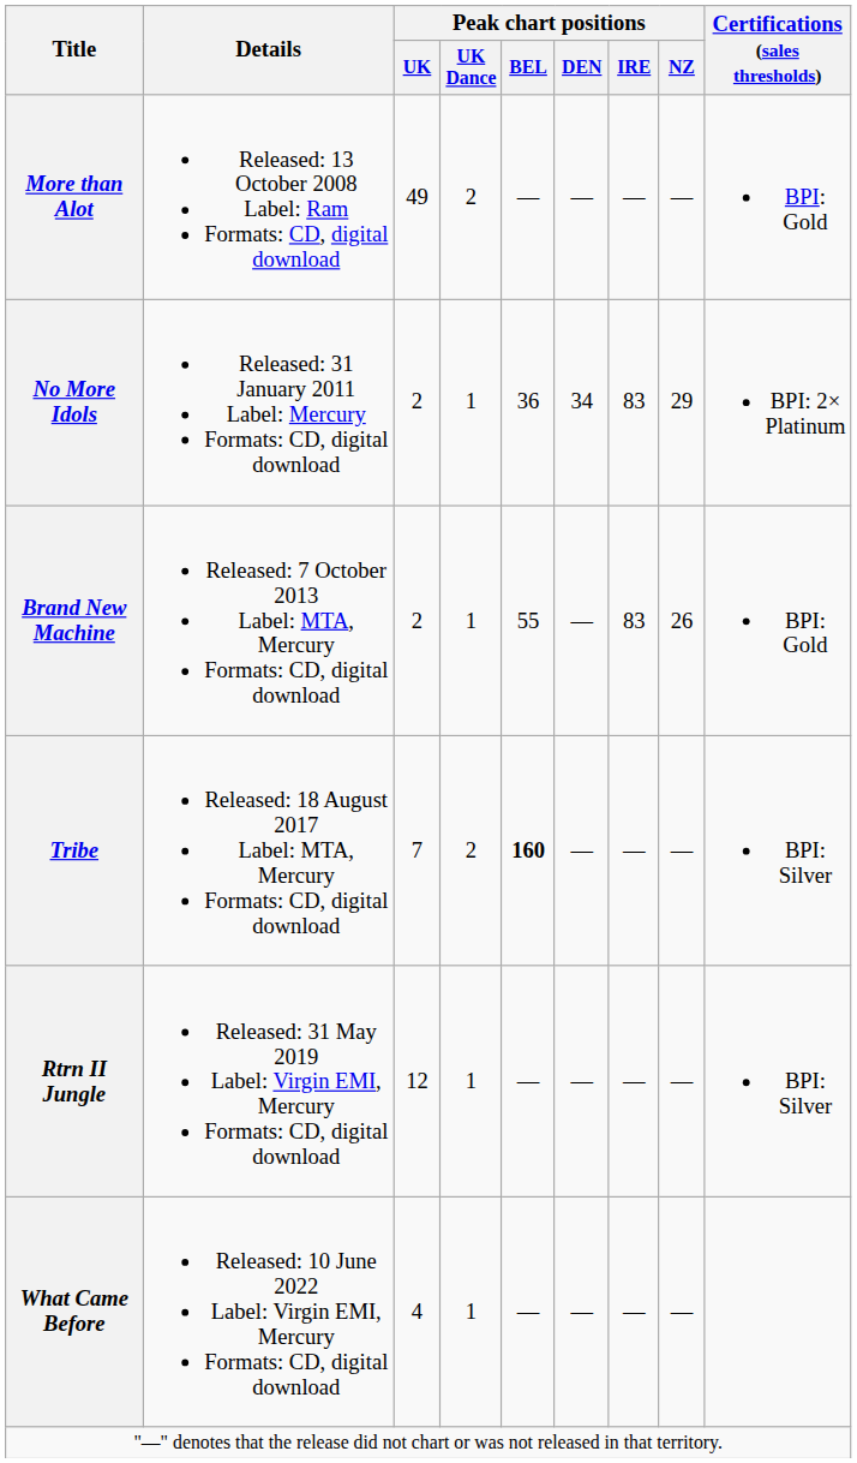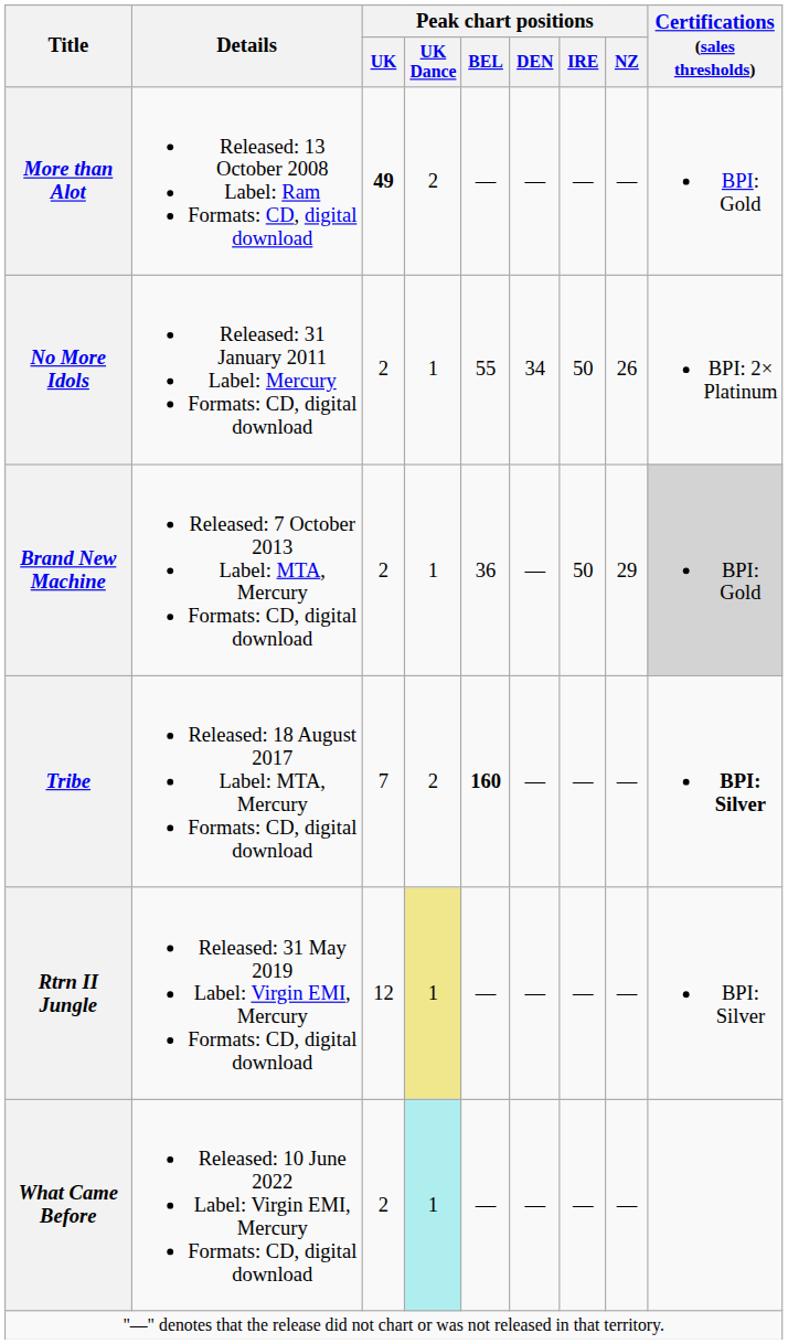 <table class="wikitable plainrowheaders" style="text-align:center;">
 <tr>
 <th scope="col" rowspan="2" style="width:10em;">Title</th>
 <th scope="col" rowspan="2" style="width:20em;">Details</th>
 <th scope="col" colspan="6">Peak chart positions</th>
 <th scope="col" rowspan="2"><a href='#'>Certifications</a><br><small>(<a href='#'>sales thresholds</a>)</small></th>
 </tr>
 <tr>
 <th scope="col" style="width:3em;font-size:85%;"><a href='#'>UK</a><br></th>
 <th scope="col" style="width:3em;font-size:85%;"><a href='#'>UK<br>Dance</a><br></th>
 <th scope="col" style="width:3em;font-size:85%;"><a href='#'>BEL</a><br></th>
 <th scope="col" style="width:3em;font-size:85%;"><a href='#'>DEN</a><br></th>
 <th scope="col" style="width:3em;font-size:85%;"><a href='#'>IRE</a><br></th>
 <th scope="col" style="width:3em;font-size:85%;"><a href='#'>NZ</a><br></th>
 </tr>
 <tr>
 <th scope="row"><em><a href='#'>More than Alot</a></em></th>
 <td><br><ul><li>Released: 13 October 2008</li><li>Label: <a href='#'>Ram</a></li><li>Formats: <a href='#'>CD</a>, <a href='#'>digital download</a></li></ul></td>
-<td>49</td>
+<td><strong>49</strong></td>
 <td>2</td>
 <td>—</td>
 <td>—</td>
 <td>—</td>
 <td>—</td>
 <td><br><ul><li><a href='#'>BPI</a>: Gold</li></ul></td>
 </tr>
 <tr>
 <th scope="row"><em><a href='#'>No More Idols</a></em></th>
 <td><br><ul><li>Released: 31 January 2011</li><li>Label: <a href='#'>Mercury</a></li><li>Formats: CD, digital download</li></ul></td>
 <td>2</td>
 <td>1</td>
-<td>36</td>
+<td>55</td>
 <td>34</td>
-<td>83</td>
-<td>29</td>
+<td>50</td>
+<td>26</td>
 <td><br><ul><li>BPI: 2× Platinum</li></ul></td>
 </tr>
 <tr>
 <th scope="row"><em><a href='#'>Brand New Machine</a></em></th>
 <td><br><ul><li>Released: 7 October 2013</li><li>Label: <a href='#'>MTA</a>, Mercury</li><li>Formats: CD, digital download</li></ul></td>
 <td>2</td>
 <td>1</td>
-<td>55</td>
+<td>36</td>
 <td>—</td>
-<td>83</td>
-<td>26</td>
-<td><br><ul><li>BPI: Gold</li></ul></td>
+<td>50</td>
+<td>29</td>
+<td style="background: lightgrey;"><br><ul><li>BPI: Gold</li></ul></td>
 </tr>
 <tr>
 <th scope="row"><em><a href='#'>Tribe</a></em></th>
 <td><br><ul><li>Released: 18 August 2017</li><li>Label: MTA, Mercury</li><li>Formats: CD, digital download</li></ul></td>
 <td>7</td>
 <td>2</td>
 <td><strong>160</strong></td>
 <td>—</td>
 <td>—</td>
 <td>—</td>
-<td><br><ul><li>BPI: Silver</li></ul></td>
+<td><strong><br><ul><li>BPI: Silver</li></ul></strong></td>
 </tr>
 <tr>
 <th scope="row"><em>Rtrn II Jungle</em></th>
 <td><br><ul><li>Released: 31 May 2019</li><li>Label: <a href='#'>Virgin EMI</a>, Mercury</li><li>Formats: CD, digital download</li></ul></td>
 <td>12</td>
-<td>1</td>
+<td style="background: khaki;">1</td>
 <td>—</td>
 <td>—</td>
 <td>—</td>
 <td>—</td>
 <td><br><ul><li>BPI: Silver</li></ul></td>
 </tr>
 <tr>
 <th scope="row"><em>What Came Before</em></th>
 <td><br><ul><li>Released: 10 June 2022</li><li>Label: Virgin EMI, Mercury</li><li>Formats: CD, digital download</li></ul></td>
-<td>4</td>
-<td>1</td>
+<td>2</td>
+<td style="background: paleturquoise;">1</td>
 <td>—</td>
 <td>—</td>
 <td>—</td>
 <td>—</td>
 <td></td>
 </tr>
 <tr>
 <td colspan="19" style="font-size:85%">"—" denotes that the release did not chart or was not released in that territory.</td>
 </tr>
 </table>
